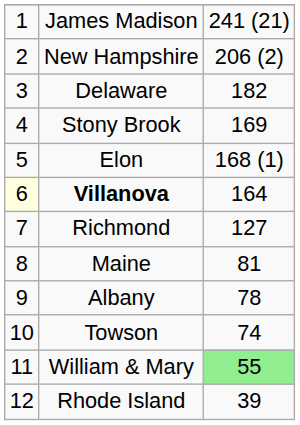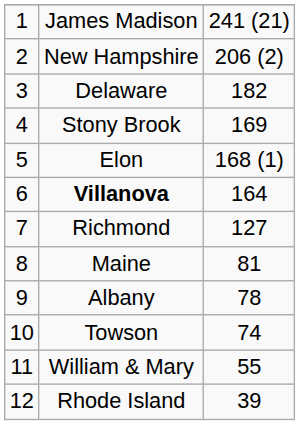 <table class="wikitable">
 <tr align="center">
 </tr>
 <tr align="center">
 <td>1</td>
 <td>James Madison</td>
 <td>241 (21)</td>
 </tr>
 <tr align="center">
 <td>2</td>
 <td>New Hampshire</td>
 <td>206 (2)</td>
 </tr>
 <tr align="center">
 <td>3</td>
 <td>Delaware</td>
 <td>182</td>
 </tr>
 <tr align="center">
 <td>4</td>
 <td>Stony Brook</td>
 <td>169</td>
 </tr>
 <tr align="center">
 <td>5</td>
 <td>Elon</td>
 <td>168 (1)</td>
 </tr>
 <tr align="center">
-<td style="background: lightyellow;">6</td>
+<td>6</td>
 <td><strong>Villanova</strong></td>
 <td>164</td>
 </tr>
 <tr align="center">
 <td>7</td>
 <td>Richmond</td>
 <td>127</td>
 </tr>
 <tr align="center">
 <td>8</td>
 <td>Maine</td>
 <td>81</td>
 </tr>
 <tr align="center">
 <td>9</td>
 <td>Albany</td>
 <td>78</td>
 </tr>
 <tr align="center">
 <td>10</td>
 <td>Towson</td>
 <td>74</td>
 </tr>
 <tr align="center">
 <td>11</td>
 <td>William & Mary</td>
-<td style="background: lightgreen;">55</td>
+<td>55</td>
 </tr>
 <tr align="center">
 <td>12</td>
 <td>Rhode Island</td>
 <td>39</td>
 </tr>
 </table>
